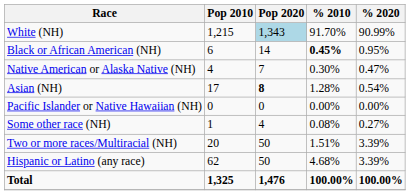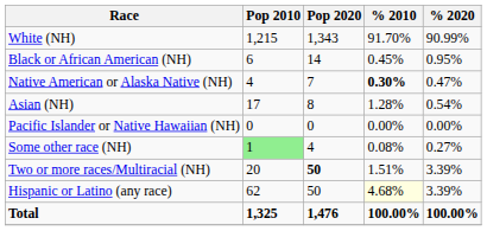 <table class="wikitable">
 <tr>
 <th>Race</th>
 <th>Pop 2010</th>
 <th>Pop 2020</th>
 <th>% 2010</th>
 <th>% 2020</th>
 </tr>
 <tr>
 <td><a href='#'>White</a> (NH)</td>
 <td>1,215</td>
-<td style="background: lightblue;">1,343</td>
+<td>1,343</td>
 <td>91.70%</td>
 <td>90.99%</td>
 </tr>
 <tr>
 <td><a href='#'>Black or African American</a> (NH)</td>
 <td>6</td>
 <td>14</td>
-<td><strong>0.45%</strong></td>
+<td>0.45%</td>
 <td>0.95%</td>
 </tr>
 <tr>
 <td><a href='#'>Native American</a> or <a href='#'>Alaska Native</a> (NH)</td>
 <td>4</td>
 <td>7</td>
-<td>0.30%</td>
+<td><strong>0.30%</strong></td>
 <td>0.47%</td>
 </tr>
 <tr>
 <td><a href='#'>Asian</a> (NH)</td>
 <td>17</td>
-<td><strong>8</strong></td>
+<td>8</td>
 <td>1.28%</td>
 <td>0.54%</td>
 </tr>
 <tr>
 <td><a href='#'>Pacific Islander</a> or <a href='#'>Native Hawaiian</a> (NH)</td>
 <td>0</td>
 <td>0</td>
 <td>0.00%</td>
 <td>0.00%</td>
 </tr>
 <tr>
 <td><a href='#'>Some other race</a> (NH)</td>
-<td>1</td>
+<td style="background: lightgreen;">1</td>
 <td>4</td>
 <td>0.08%</td>
 <td>0.27%</td>
 </tr>
 <tr>
 <td><a href='#'>Two or more races/Multiracial</a> (NH)</td>
 <td>20</td>
-<td>50</td>
+<td><strong>50</strong></td>
 <td>1.51%</td>
 <td>3.39%</td>
 </tr>
 <tr>
 <td><a href='#'>Hispanic or Latino</a> (any race)</td>
 <td>62</td>
 <td>50</td>
-<td>4.68%</td>
+<td style="background: lightyellow;">4.68%</td>
 <td>3.39%</td>
 </tr>
 <tr>
 <td><strong>Total</strong></td>
 <td><strong>1,325</strong></td>
 <td><strong>1,476</strong></td>
 <td><strong>100.00%</strong></td>
 <td><strong>100.00%</strong></td>
 </tr>
 <tr>
 </tr>
 </table>
